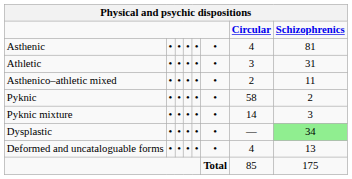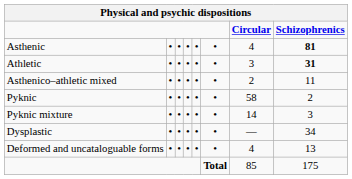 <table class="wikitable">
 <tr>
 <th colspan="8" style="text-align: center; font-weight: bold;">Physical and psychic dispositions</th>
 </tr>
 <tr>
 <td colspan="6" style="text-align: center;"></td>
 <td style="text-align: center; font-weight: bold;"><a href='#'>Circular</a></td>
 <td style="text-align: center; font-weight: bold;"><a href='#'>Schizophrenics</a></td>
 </tr>
 <tr>
 <td>Asthenic</td>
 <td style="text-align: center;">•</td>
 <td style="text-align: center;">•</td>
 <td style="text-align: center;">•</td>
 <td style="text-align: center;">•</td>
 <td style="text-align: center;">•</td>
 <td style="text-align: center;">4</td>
-<td style="text-align: center;">81</td>
+<td style="text-align: center;"><strong>81</strong></td>
 </tr>
 <tr>
 <td>Athletic</td>
 <td style="text-align: center;">•</td>
 <td style="text-align: center;">•</td>
 <td style="text-align: center;">•</td>
 <td style="text-align: center;">•</td>
 <td style="text-align: center;">•</td>
 <td style="text-align: center;">3</td>
-<td style="text-align: center;">31</td>
+<td style="text-align: center;"><strong>31</strong></td>
 </tr>
 <tr>
 <td>Asthenico–athletic mixed</td>
 <td style="text-align: center;">•</td>
 <td style="text-align: center;">•</td>
 <td style="text-align: center;">•</td>
 <td style="text-align: center;">•</td>
 <td style="text-align: center;">•</td>
 <td style="text-align: center;">2</td>
 <td style="text-align: center;">11</td>
 </tr>
 <tr>
 <td>Pyknic</td>
 <td style="text-align: center;">•</td>
 <td style="text-align: center;">•</td>
 <td style="text-align: center;">•</td>
 <td style="text-align: center;">•</td>
 <td style="text-align: center;">•</td>
 <td style="text-align: center;">58</td>
 <td style="text-align: center;">2</td>
 </tr>
 <tr>
 <td>Pyknic mixture</td>
 <td style="text-align: center;">•</td>
 <td style="text-align: center;">•</td>
 <td style="text-align: center;">•</td>
 <td style="text-align: center;">•</td>
 <td style="text-align: center;">•</td>
 <td style="text-align: center;">14</td>
 <td style="text-align: center;">3</td>
 </tr>
 <tr>
 <td>Dysplastic</td>
 <td style="text-align: center;">•</td>
 <td style="text-align: center;">•</td>
 <td style="text-align: center;">•</td>
 <td style="text-align: center;">•</td>
 <td style="text-align: center;">•</td>
 <td style="text-align: center;">—</td>
-<td style="background: lightgreen; text-align: center;">34</td>
+<td style="text-align: center;">34</td>
 </tr>
 <tr>
 <td>Deformed and uncataloguable forms</td>
 <td style="text-align: center;">•</td>
 <td style="text-align: center;">•</td>
 <td style="text-align: center;">•</td>
 <td style="text-align: center;">•</td>
 <td style="text-align: center;">•</td>
 <td style="text-align: center;">4</td>
 <td style="text-align: center;">13</td>
 </tr>
 <tr>
 <td colspan="5" style="text-align: center;"></td>
 <td style="text-align: center; font-weight: bold;">Total</td>
 <td style="text-align: center;">85</td>
 <td style="text-align: center;">175</td>
 </tr>
 </table>
